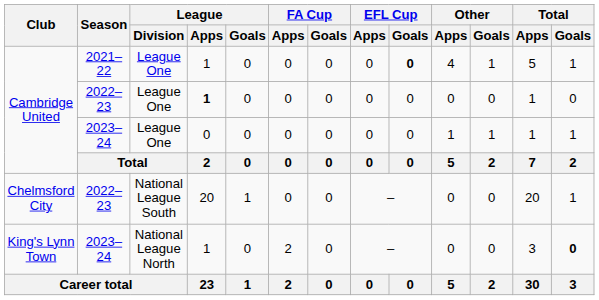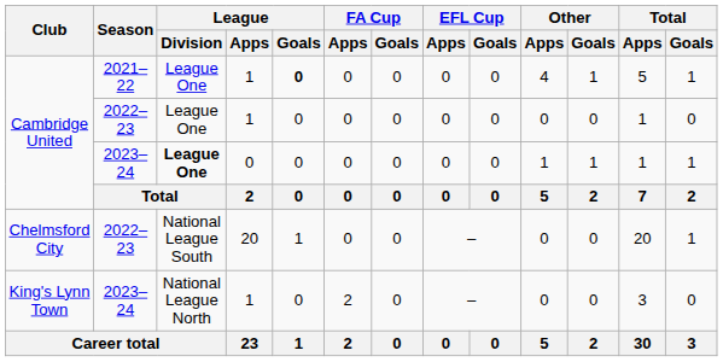 <table class=wikitable style=text-align:center>
 <tr>
 <th rowspan=2>Club</th>
 <th rowspan=2>Season</th>
 <th colspan=3>League</th>
 <th colspan=2><a href='#'>FA Cup</a></th>
 <th colspan=2><a href='#'>EFL Cup</a></th>
 <th colspan=2>Other</th>
 <th colspan=2>Total</th>
 </tr>
 <tr>
 <th>Division</th>
 <th>Apps</th>
 <th>Goals</th>
 <th>Apps</th>
 <th>Goals</th>
 <th>Apps</th>
 <th>Goals</th>
 <th>Apps</th>
 <th>Goals</th>
 <th>Apps</th>
 <th>Goals</th>
 </tr>
 <tr>
 <td rowspan="4"><a href='#'>Cambridge United</a></td>
 <td><a href='#'>2021–22</a></td>
 <td><a href='#'>League One</a></td>
 <td>1</td>
+<td><strong>0</strong></td>
 <td>0</td>
 <td>0</td>
 <td>0</td>
 <td>0</td>
-<td><strong>0</strong></td>
 <td>4</td>
 <td>1</td>
 <td>5</td>
 <td>1</td>
 </tr>
 <tr>
 <td><a href='#'>2022–23</a></td>
 <td>League One</td>
-<td><strong>1</strong></td>
+<td>1</td>
 <td>0</td>
 <td>0</td>
 <td>0</td>
 <td>0</td>
 <td>0</td>
 <td>0</td>
 <td>0</td>
 <td>1</td>
 <td>0</td>
 </tr>
 <tr>
 <td><a href='#'>2023–24</a></td>
-<td>League One</td>
+<td><strong>League One</strong></td>
 <td>0</td>
 <td>0</td>
 <td>0</td>
 <td>0</td>
 <td>0</td>
 <td>0</td>
 <td>1</td>
 <td>1</td>
 <td>1</td>
 <td>1</td>
 </tr>
 <tr>
 <th colspan="2">Total</th>
 <th>2</th>
 <th>0</th>
 <th>0</th>
 <th>0</th>
 <th>0</th>
 <th>0</th>
 <th>5</th>
 <th>2</th>
 <th>7</th>
 <th>2</th>
 </tr>
 <tr>
 <td><a href='#'>Chelmsford City</a></td>
 <td><a href='#'>2022–23</a></td>
 <td>National League South</td>
 <td>20</td>
 <td>1</td>
 <td>0</td>
 <td>0</td>
 <td colspan="2">–</td>
 <td>0</td>
 <td>0</td>
 <td>20</td>
 <td>1</td>
 </tr>
 <tr>
 <td><a href='#'>King's Lynn Town</a></td>
 <td><a href='#'>2023–24</a></td>
 <td>National League North</td>
 <td>1</td>
 <td>0</td>
 <td>2</td>
 <td>0</td>
 <td colspan="2">–</td>
 <td>0</td>
 <td>0</td>
 <td>3</td>
-<td><strong>0</strong></td>
+<td>0</td>
 </tr>
 <tr>
 <th colspan=3>Career total</th>
 <th>23</th>
 <th>1</th>
 <th>2</th>
 <th>0</th>
 <th>0</th>
 <th>0</th>
 <th>5</th>
 <th>2</th>
 <th>30</th>
 <th>3</th>
 </tr>
 </table>
